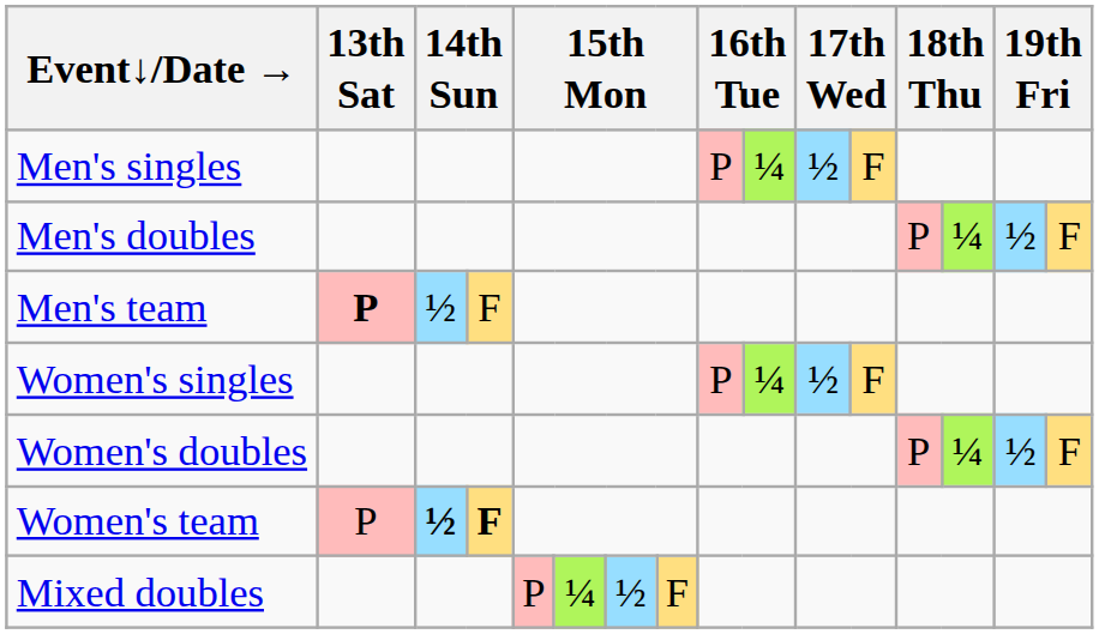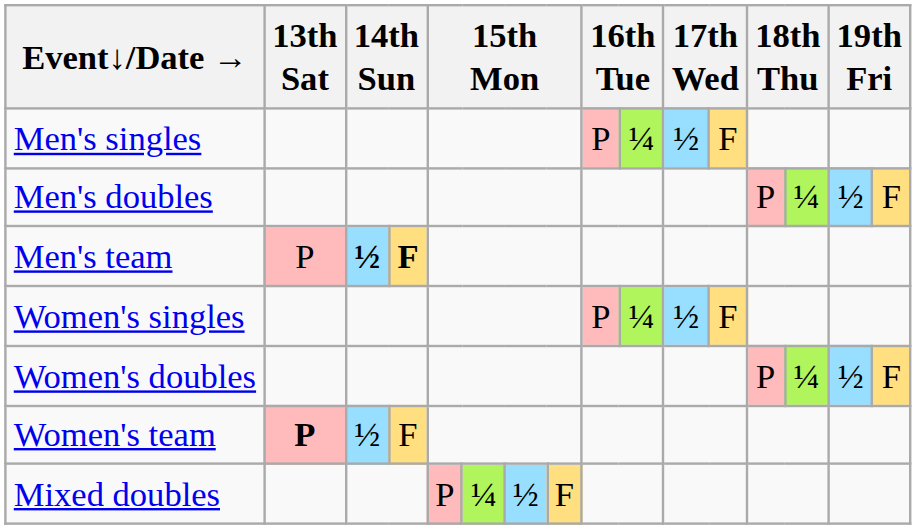 <table class="wikitable" style="margin:0.5em auto; font-size:90%; line-height:1.25em; text-align:center;">
 <tr>
 <th>Event↓/Date →</th>
 <th>13th<br>Sat</th>
 <th colspan=2>14th<br>Sun</th>
 <th colspan=4>15th<br>Mon</th>
 <th colspan=2>16th<br>Tue</th>
 <th colspan=2>17th<br>Wed</th>
 <th colspan=2>18th<br>Thu</th>
 <th colspan=2>19th<br>Fri</th>
 </tr>
 <tr>
 <td align="left"><a href='#'>Men's singles</a></td>
 <td></td>
 <td colspan=2></td>
 <td colspan=4></td>
 <td bgcolor="#FFBBBB">P</td>
 <td bgcolor="#AFF55B">¼</td>
 <td bgcolor="#97DEFF">½</td>
 <td bgcolor="#FFDF80">F</td>
 <td colspan=2></td>
 <td colspan=2></td>
 </tr>
 <tr>
 <td align="left"><a href='#'>Men's doubles</a></td>
 <td></td>
 <td colspan=2></td>
 <td colspan=4></td>
 <td colspan=2></td>
 <td colspan=2></td>
 <td bgcolor="#FFBBBB">P</td>
 <td bgcolor="#AFF55B">¼</td>
 <td bgcolor="#97DEFF">½</td>
 <td bgcolor="#FFDF80">F</td>
 </tr>
 <tr>
 <td align="left"><a href='#'>Men's team</a></td>
-<td bgcolor="#FFBBBB"><strong>P</strong></td>
-<td bgcolor="#97DEFF">½</td>
-<td bgcolor="#FFDF80">F</td>
+<td bgcolor="#FFBBBB">P</td>
+<td bgcolor="#97DEFF"><strong>½</strong></td>
+<td bgcolor="#FFDF80"><strong>F</strong></td>
 <td colspan=4></td>
 <td colspan=2></td>
 <td colspan=2></td>
 <td colspan=2></td>
 <td colspan=2></td>
 </tr>
 <tr>
 <td align="left"><a href='#'>Women's singles</a></td>
 <td></td>
 <td colspan=2></td>
 <td colspan=4></td>
 <td bgcolor="#FFBBBB">P</td>
 <td bgcolor="#AFF55B">¼</td>
 <td bgcolor="#97DEFF">½</td>
 <td bgcolor="#FFDF80">F</td>
 <td colspan=2></td>
 <td colspan=2></td>
 </tr>
 <tr>
 <td align="left"><a href='#'>Women's doubles</a></td>
 <td></td>
 <td colspan=2></td>
 <td colspan=4></td>
 <td colspan=2></td>
 <td colspan=2></td>
 <td bgcolor="#FFBBBB">P</td>
 <td bgcolor="#AFF55B">¼</td>
 <td bgcolor="#97DEFF">½</td>
 <td bgcolor="#FFDF80">F</td>
 </tr>
 <tr>
 <td align="left"><a href='#'>Women's team</a></td>
-<td bgcolor="#FFBBBB">P</td>
-<td bgcolor="#97DEFF"><strong>½</strong></td>
-<td bgcolor="#FFDF80"><strong>F</strong></td>
+<td bgcolor="#FFBBBB"><strong>P</strong></td>
+<td bgcolor="#97DEFF">½</td>
+<td bgcolor="#FFDF80">F</td>
 <td colspan=4></td>
 <td colspan=2></td>
 <td colspan=2></td>
 <td colspan=2></td>
 <td colspan=2></td>
 </tr>
 <tr>
 <td align="left"><a href='#'>Mixed doubles</a></td>
 <td></td>
 <td colspan=2></td>
 <td bgcolor="#FFBBBB">P</td>
 <td bgcolor="#AFF55B">¼</td>
 <td bgcolor="#97DEFF">½</td>
 <td bgcolor="#FFDF80">F</td>
 <td colspan=2></td>
 <td colspan=2></td>
 <td colspan=2></td>
 <td colspan=2></td>
 </tr>
 </table>
